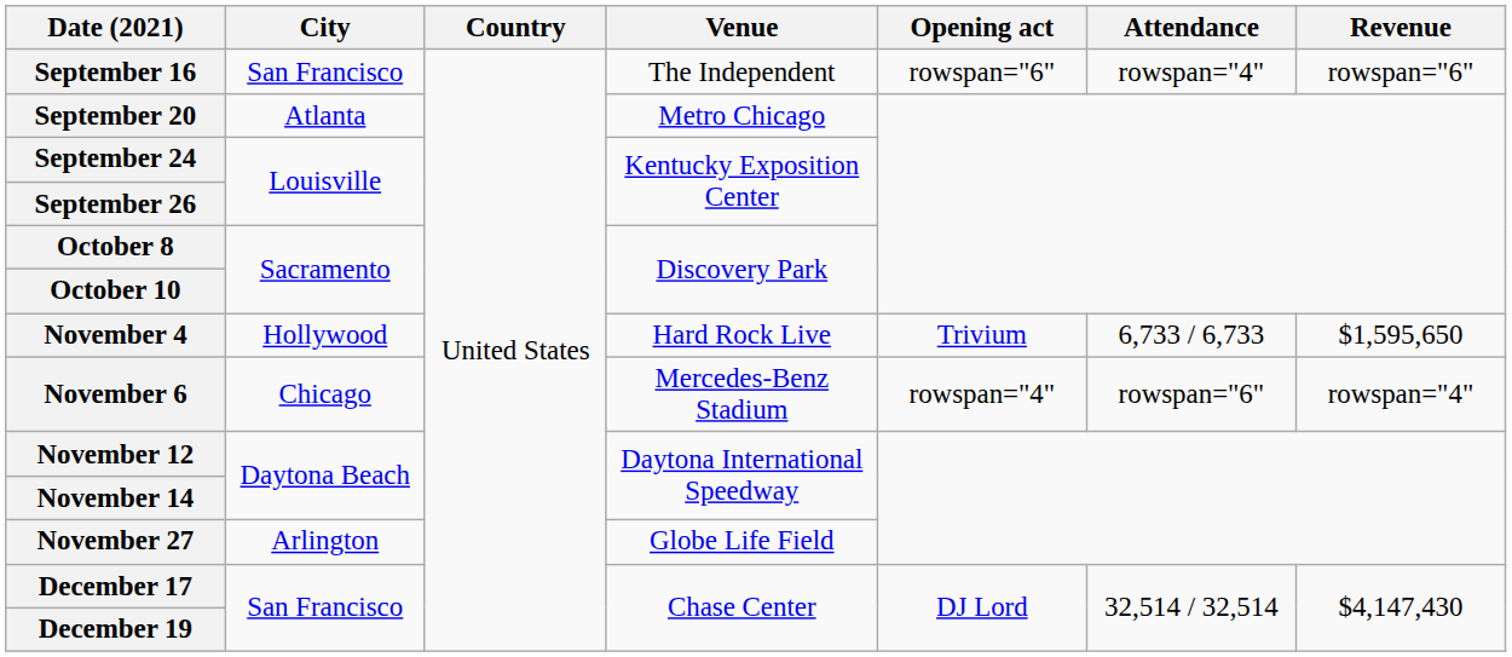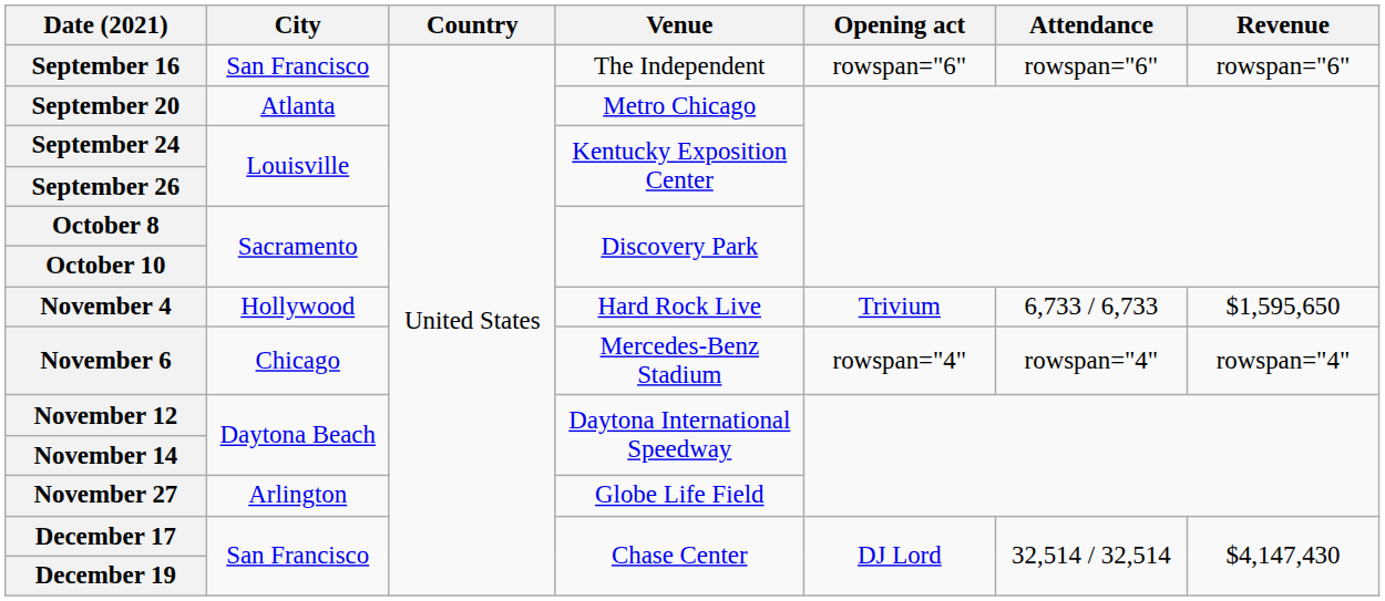 <table class="wikitable plainrowheaders" style="text-align:center;">
 <tr>
 <th scope="col" style="width:12em;">Date (2021)</th>
 <th scope="col" style="width:10em;">City</th>
 <th scope="col" style="width:10em;">Country</th>
 <th scope="col" style="width:16em;">Venue</th>
 <th scope="col" style="width:10em;">Opening act</th>
 <th scope="col" style="width:10em;">Attendance</th>
 <th scope="col" style="width:10em;">Revenue</th>
 </tr>
 <tr>
 <th scope="row" style="text-align:center;">September 16</th>
 <td><a href='#'>San Francisco</a></td>
 <td rowspan="13">United States</td>
 <td>The Independent</td>
 <td>rowspan="6" </td>
-<td>rowspan="4" </td>
+<td>rowspan="6" </td>
 <td>rowspan="6" </td>
 </tr>
 <tr>
 <th scope="row" style="text-align:center;">September 20</th>
 <td><a href='#'>Atlanta</a></td>
 <td><a href='#'>Metro Chicago</a></td>
 </tr>
 <tr>
 <th scope="row" style="text-align:center;">September 24</th>
 <td rowspan="2"><a href='#'>Louisville</a></td>
 <td rowspan="2"><a href='#'>Kentucky Exposition Center</a></td>
 </tr>
 <tr>
 <th scope="row" style="text-align:center;">September 26</th>
 </tr>
 <tr>
 <th scope="row" style="text-align:center;">October 8</th>
 <td rowspan="2"><a href='#'>Sacramento</a></td>
 <td rowspan="2"><a href='#'>Discovery Park</a></td>
 </tr>
 <tr>
 <th scope="row" style="text-align:center;">October 10</th>
 </tr>
 <tr>
 <th scope="row" style="text-align:center;">November 4</th>
 <td><a href='#'>Hollywood</a></td>
 <td><a href='#'>Hard Rock Live</a></td>
 <td><a href='#'>Trivium</a></td>
 <td>6,733 / 6,733</td>
 <td>$1,595,650</td>
 </tr>
 <tr>
 <th scope="row" style="text-align:center;">November 6</th>
 <td><a href='#'>Chicago</a></td>
 <td><a href='#'>Mercedes-Benz Stadium</a></td>
 <td>rowspan="4" </td>
-<td>rowspan="6" </td>
+<td>rowspan="4" </td>
 <td>rowspan="4" </td>
 </tr>
 <tr>
 <th scope="row" style="text-align:center;">November 12</th>
 <td rowspan="2"><a href='#'>Daytona Beach</a></td>
 <td rowspan="2"><a href='#'>Daytona International Speedway</a></td>
 </tr>
 <tr>
 <th scope="row" style="text-align:center;">November 14</th>
 </tr>
 <tr>
 <th scope="row" style="text-align:center;">November 27</th>
 <td><a href='#'>Arlington</a></td>
 <td><a href='#'>Globe Life Field</a></td>
 </tr>
 <tr>
 <th scope="row" style="text-align:center;">December 17</th>
 <td rowspan="2"><a href='#'>San Francisco</a></td>
 <td rowspan="2"><a href='#'>Chase Center</a></td>
 <td rowspan="2"><a href='#'>DJ Lord</a></td>
 <td rowspan="2">32,514 / 32,514</td>
 <td rowspan="2">$4,147,430</td>
 </tr>
 <tr>
 <th scope="row" style="text-align:center;">December 19</th>
 </tr>
 </table>
